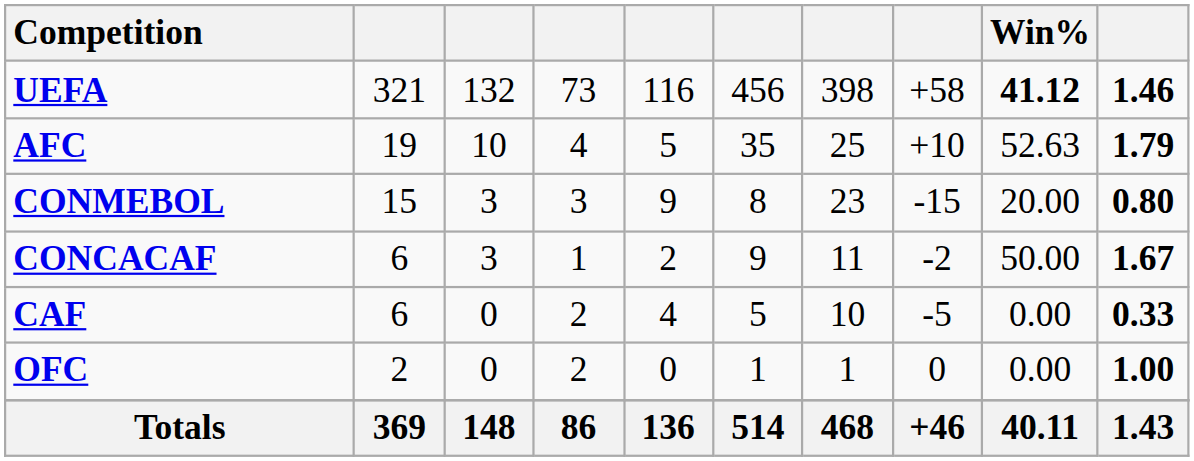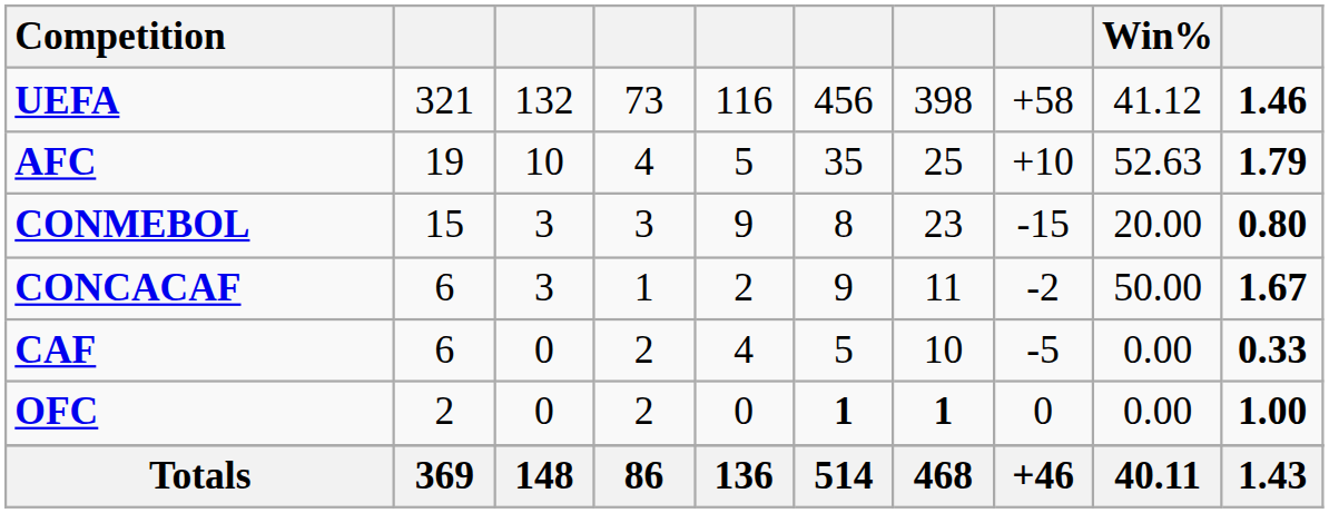 <table class="wikitable" style="text-align:center;">
 <tr>
 <th style="width:150px; text-align:left;">Competition</th>
 <th style="width:33px;"></th>
 <th style="width:33px;"></th>
 <th style="width:33px;"></th>
 <th style="width:33px;"></th>
 <th style="width:33px;"></th>
 <th style="width:33px;"></th>
 <th style="width:33px;"></th>
 <th style="width:33px;">Win%</th>
 <th style="width:33px;"></th>
 </tr>
 <tr>
 <td style="text-align:left;"><strong><a href='#'>UEFA</a></strong></td>
 <td>321</td>
 <td>132</td>
 <td>73</td>
 <td>116</td>
 <td>456</td>
 <td>398</td>
 <td>+58</td>
-<td><strong>41.12</strong></td>
+<td>41.12</td>
 <td><strong>1.46</strong></td>
 </tr>
 <tr>
 <td style="text-align:left;"><strong><a href='#'>AFC</a></strong></td>
 <td>19</td>
 <td>10</td>
 <td>4</td>
 <td>5</td>
 <td>35</td>
 <td>25</td>
 <td>+10</td>
 <td>52.63</td>
 <td><strong>1.79</strong></td>
 </tr>
 <tr>
 <td style="text-align:left;"><strong><a href='#'>CONMEBOL</a></strong></td>
 <td>15</td>
 <td>3</td>
 <td>3</td>
 <td>9</td>
 <td>8</td>
 <td>23</td>
 <td>-15</td>
 <td>20.00</td>
 <td><strong>0.80</strong></td>
 </tr>
 <tr>
 <td style="text-align:left;"><strong><a href='#'>CONCACAF</a></strong></td>
 <td>6</td>
 <td>3</td>
 <td>1</td>
 <td>2</td>
 <td>9</td>
 <td>11</td>
 <td>-2</td>
 <td>50.00</td>
 <td><strong>1.67</strong></td>
 </tr>
 <tr>
 <td style="text-align:left;"><strong><a href='#'>CAF</a></strong></td>
 <td>6</td>
 <td>0</td>
 <td>2</td>
 <td>4</td>
 <td>5</td>
 <td>10</td>
 <td>-5</td>
 <td>0.00</td>
 <td><strong>0.33</strong></td>
 </tr>
 <tr>
 <td style="text-align:left;"><strong><a href='#'>OFC</a></strong></td>
 <td>2</td>
 <td>0</td>
 <td>2</td>
 <td>0</td>
-<td>1</td>
-<td>1</td>
+<td><strong>1</strong></td>
+<td><strong>1</strong></td>
 <td>0</td>
 <td>0.00</td>
 <td><strong>1.00</strong></td>
 </tr>
 <tr>
 </tr>
 <tr class="sortbottom">
 <th colspan="1">Totals</th>
 <th>369</th>
 <th>148</th>
 <th>86</th>
 <th>136</th>
 <th>514</th>
 <th>468</th>
 <th>+46</th>
 <th>40.11</th>
 <th><strong>1.43</strong></th>
 </tr>
 </table>
